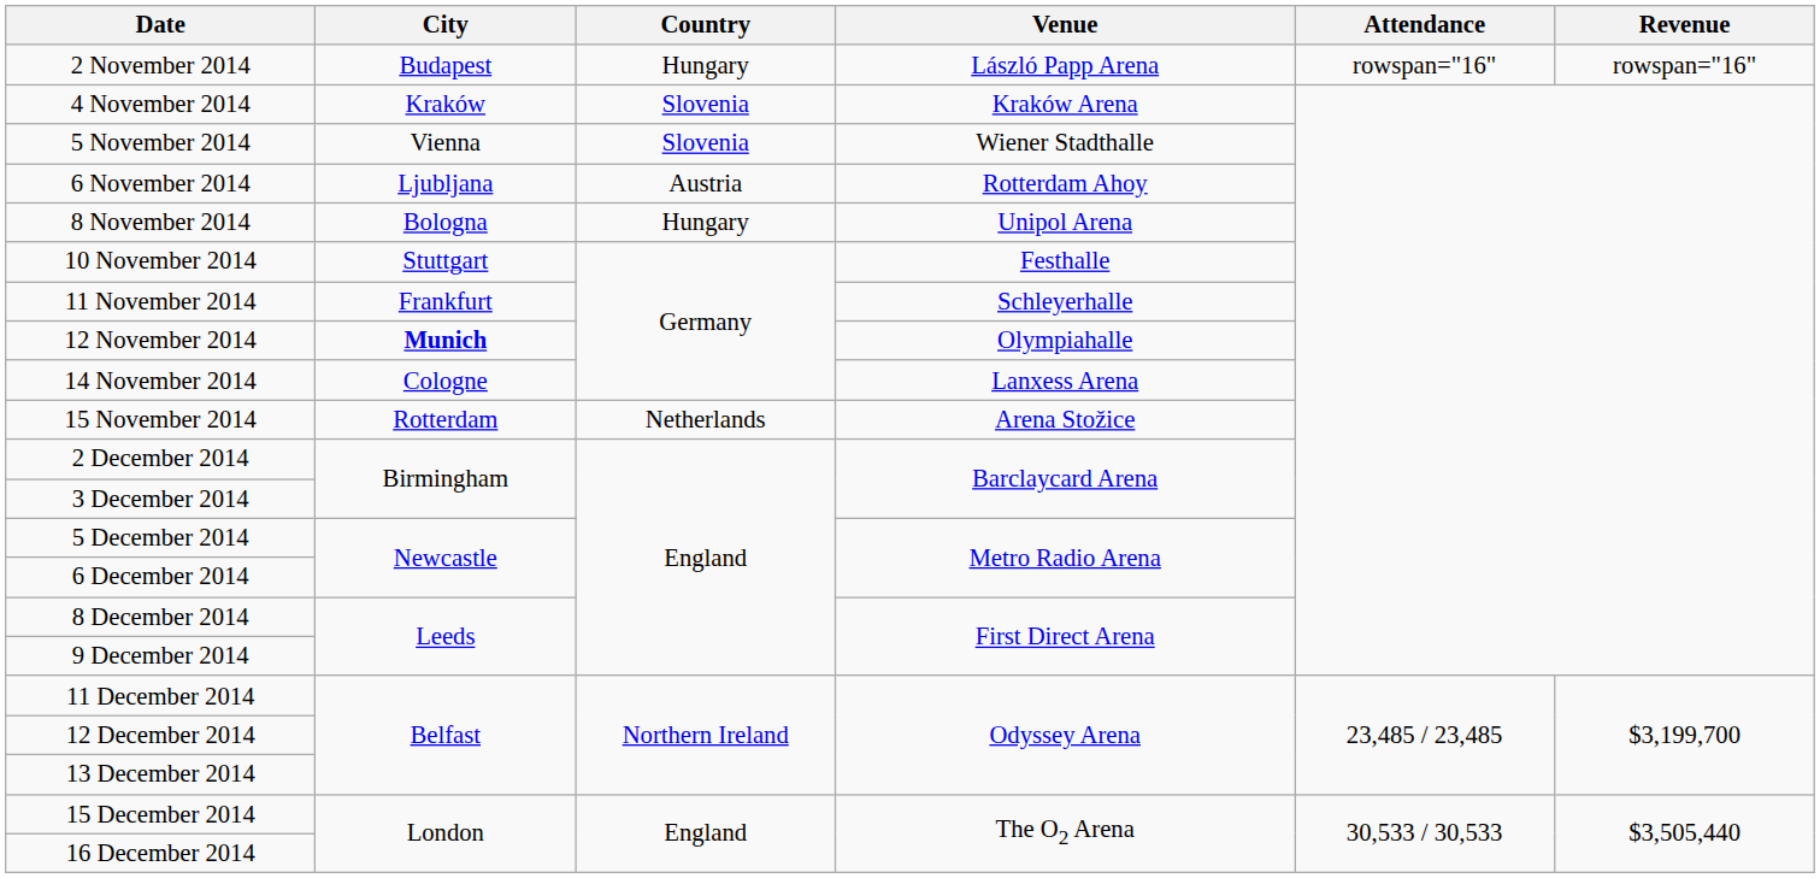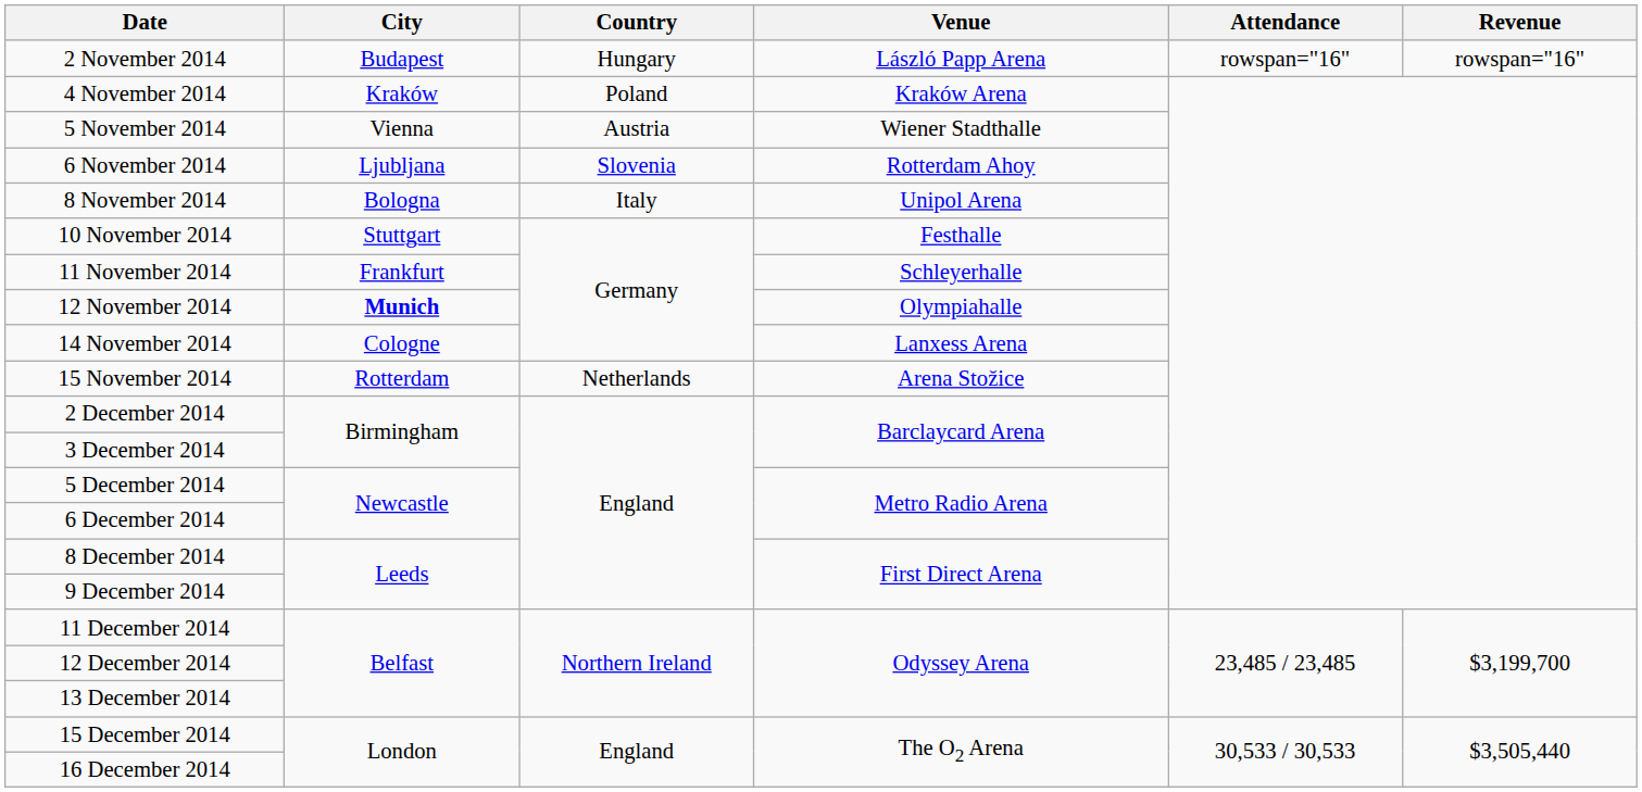 <table class="wikitable" style="text-align:center;">
 <tr>
 <th scope="col" style="width:12em;">Date</th>
 <th scope="col" style="width:10em;">City</th>
 <th scope="col" style="width:10em;">Country</th>
 <th scope="col" style="width:18em;">Venue</th>
 <th scope="col" style="width:10em;">Attendance</th>
 <th scope="col" style="width:10em;">Revenue</th>
 </tr>
 <tr>
 <td>2 November 2014</td>
 <td><a href='#'>Budapest</a></td>
 <td>Hungary</td>
 <td><a href='#'>László Papp Arena</a></td>
 <td>rowspan="16" </td>
 <td>rowspan="16" </td>
 </tr>
 <tr>
 <td>4 November 2014</td>
 <td><a href='#'>Kraków</a></td>
-<td><a href='#'>Slovenia</a></td>
+<td>Poland</td>
 <td><a href='#'>Kraków Arena</a></td>
 </tr>
 <tr>
 <td>5 November 2014</td>
 <td>Vienna</td>
-<td><a href='#'>Slovenia</a></td>
+<td>Austria</td>
 <td>Wiener Stadthalle</td>
 </tr>
 <tr>
 <td>6 November 2014</td>
 <td><a href='#'>Ljubljana</a></td>
-<td>Austria</td>
+<td><a href='#'>Slovenia</a></td>
 <td><a href='#'>Rotterdam Ahoy</a></td>
 </tr>
 <tr>
 <td>8 November 2014</td>
 <td><a href='#'>Bologna</a></td>
-<td>Hungary</td>
+<td>Italy</td>
 <td><a href='#'>Unipol Arena</a></td>
 </tr>
 <tr>
 <td>10 November 2014</td>
 <td><a href='#'>Stuttgart</a></td>
 <td rowspan="4">Germany</td>
 <td><a href='#'>Festhalle</a></td>
 </tr>
 <tr>
 <td>11 November 2014</td>
 <td><a href='#'>Frankfurt</a></td>
 <td><a href='#'>Schleyerhalle</a></td>
 </tr>
 <tr>
 <td>12 November 2014</td>
 <td><strong><a href='#'>Munich</a></strong></td>
 <td><a href='#'>Olympiahalle</a></td>
 </tr>
 <tr>
 <td>14 November 2014</td>
 <td><a href='#'>Cologne</a></td>
 <td><a href='#'>Lanxess Arena</a></td>
 </tr>
 <tr>
 <td>15 November 2014</td>
 <td><a href='#'>Rotterdam</a></td>
 <td>Netherlands</td>
 <td><a href='#'>Arena Stožice</a></td>
 </tr>
 <tr>
 <td>2 December 2014</td>
 <td rowspan="2">Birmingham</td>
 <td rowspan="6">England</td>
 <td rowspan="2"><a href='#'>Barclaycard Arena</a></td>
 </tr>
 <tr>
 <td>3 December 2014</td>
 </tr>
 <tr>
 <td>5 December 2014</td>
 <td rowspan="2"><a href='#'>Newcastle</a></td>
 <td rowspan="2"><a href='#'>Metro Radio Arena</a></td>
 </tr>
 <tr>
 <td>6 December 2014</td>
 </tr>
 <tr>
 <td>8 December 2014</td>
 <td rowspan="2"><a href='#'>Leeds</a></td>
 <td rowspan="2"><a href='#'>First Direct Arena</a></td>
 </tr>
 <tr>
 <td>9 December 2014</td>
 </tr>
 <tr>
 <td>11 December 2014</td>
 <td rowspan="3"><a href='#'>Belfast</a></td>
 <td rowspan="3"><a href='#'>Northern Ireland</a></td>
 <td rowspan="3"><a href='#'>Odyssey Arena</a></td>
 <td rowspan="3">23,485 / 23,485</td>
 <td rowspan="3">$3,199,700</td>
 </tr>
 <tr>
 <td>12 December 2014</td>
 </tr>
 <tr>
 <td>13 December 2014</td>
 </tr>
 <tr>
 <td>15 December 2014</td>
 <td rowspan="2">London</td>
 <td rowspan="2">England</td>
 <td rowspan="2">The O<sub>2</sub> Arena</td>
 <td rowspan="2">30,533 / 30,533</td>
 <td rowspan="2">$3,505,440</td>
 </tr>
 <tr>
 <td>16 December 2014</td>
 </tr>
 <tr>
 </tr>
 </table>
